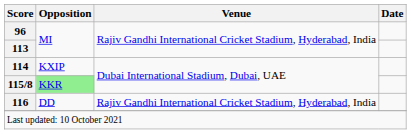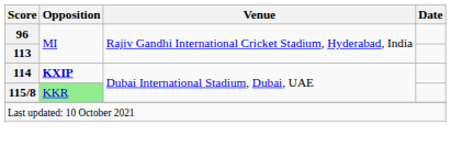 <table class="wikitable">
 <tr>
 <th style="text-align=center;"><strong>Score</strong></th>
 <th style="text-align=center;"><strong>Opposition</strong></th>
 <th style="text-align=center;"><strong>Venue</strong></th>
 <th style="text-align=center;"><strong>Date</strong></th>
 </tr>
 <tr>
 <th>96</th>
 <td rowspan=2><a href='#'>MI</a></td>
 <td rowspan=2><a href='#'>Rajiv Gandhi International Cricket Stadium</a>, <a href='#'>Hyderabad</a>, India</td>
 <td></td>
 </tr>
 <tr>
 <th>113</th>
 <td></td>
 </tr>
 <tr>
 <th>114</th>
-<td><a href='#'>KXIP</a></td>
+<td><strong><a href='#'>KXIP</a></strong></td>
 <td rowspan=2><a href='#'>Dubai International Stadium</a>, <a href='#'>Dubai</a>, UAE</td>
 <td></td>
 </tr>
 <tr>
 <th>115/8</th>
 <td style="background: lightgreen;"><a href='#'>KKR</a></td>
 <td></td>
 </tr>
 <tr>
-<th>116</th>
-<td><a href='#'>DD</a></td>
-<td><a href='#'>Rajiv Gandhi International Cricket Stadium</a>, <a href='#'>Hyderabad</a>, India</td>
-<td></td>
-</tr>
-<tr>
 </tr>
 <tr class=sortbottom>
 <td colspan="4"><small>Last updated: 10 October 2021</small></td>
 </tr>
 </table>
